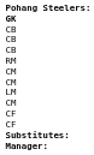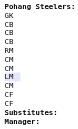 <table style="font-size: 90%" cellspacing="0" cellpadding="0" align=center>
 <tr>
 <td colspan=4><strong>Pohang Steelers:</strong></td>
 </tr>
 <tr>
 <th width=25></th>
 <th width=25></th>
 </tr>
 <tr>
-<td><strong>GK</strong></td>
+<td>GK</td>
 <td><strong> </strong></td>
 <td></td>
 </tr>
 <tr>
 <td>CB</td>
 <td><strong> </strong></td>
 <td></td>
 </tr>
 <tr>
 <td>CB</td>
 <td><strong> </strong></td>
 <td></td>
 </tr>
 <tr>
 <td>CB</td>
 <td><strong> </strong></td>
 <td></td>
 </tr>
 <tr>
 <td>RM</td>
 <td><strong> </strong></td>
 <td></td>
 </tr>
 <tr>
 <td>CM</td>
 <td><strong> </strong></td>
 <td></td>
 </tr>
 <tr>
 <td>CM</td>
 <td><strong> </strong></td>
 <td></td>
 </tr>
 <tr>
-<td>LM</td>
+<td style="background: lavender;">LM</td>
 <td><strong> </strong></td>
 <td></td>
 </tr>
 <tr>
 <td>CM</td>
 <td><strong> </strong></td>
 <td></td>
 </tr>
 <tr>
 <td>CF</td>
 <td><strong> </strong></td>
 <td></td>
 </tr>
 <tr>
 <td>CF</td>
 <td><strong> </strong></td>
 <td></td>
 </tr>
 <tr>
 <td colspan=3><strong>Substitutes:</strong></td>
 </tr>
 <tr>
 <td colspan=3><strong>Manager:</strong></td>
 </tr>
 <tr>
 <td colspan=4></td>
 </tr>
 </table>
